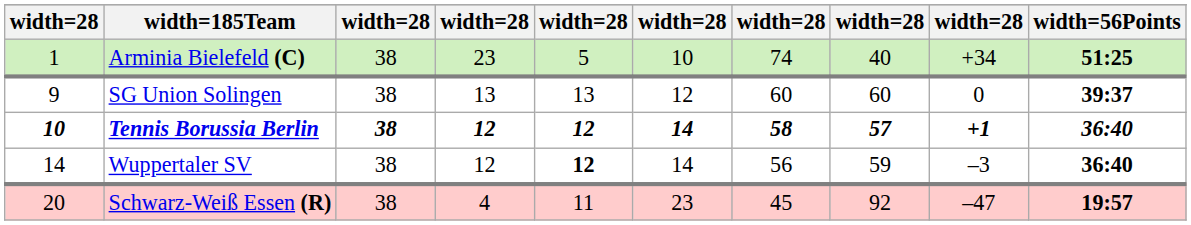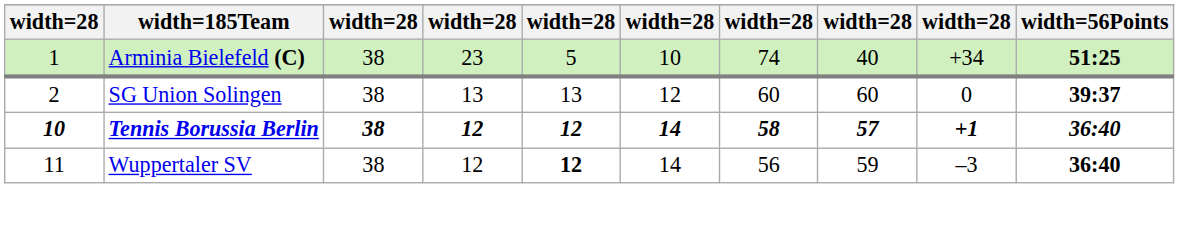 <table class="wikitable">
 <tr align="center" bgcolor="dfdfdf">
 </tr>
 <tr>
 <th>width=28<br></th>
 <th>width=185Team<br></th>
 <th>width=28<br></th>
 <th>width=28<br></th>
 <th>width=28<br></th>
 <th>width=28<br></th>
 <th>width=28<br></th>
 <th>width=28<br></th>
 <th>width=28<br></th>
 <th>width=56Points<br></th>
 </tr>
 <tr align="center" valign="top" bgcolor="D0F0C0">
 <td>1</td>
 <td align="left"><a href='#'>Arminia Bielefeld</a> <strong>(C)</strong></td>
 <td>38</td>
 <td>23</td>
 <td>5</td>
 <td>10</td>
 <td>74</td>
 <td>40</td>
 <td>+34</td>
 <td><strong>51:25</strong></td>
 </tr>
 <tr align="center" valign="top" bgcolor="#ffffff" style="border-top:3px solid grey;">
-<td>9</td>
+<td>2</td>
 <td align="left"><a href='#'>SG Union Solingen</a></td>
 <td>38</td>
 <td>13</td>
 <td>13</td>
 <td>12</td>
 <td>60</td>
 <td>60</td>
 <td>0</td>
 <td><strong>39:37</strong></td>
 </tr>
 <tr align="center" valign="top" bgcolor="#ffffff">
 <td><strong><em>10</em></strong></td>
 <td align="left"><strong><em><a href='#'>Tennis Borussia Berlin</a></em></strong></td>
 <td><strong><em>38</em></strong></td>
 <td><strong><em>12</em></strong></td>
 <td><strong><em>12</em></strong></td>
 <td><strong><em>14</em></strong></td>
 <td><strong><em>58</em></strong></td>
 <td><strong><em>57</em></strong></td>
 <td><strong><em>+1</em></strong></td>
 <td><strong><em>36:40</em></strong></td>
 </tr>
 <tr align="center" valign="top" bgcolor="#ffffff">
-<td>14</td>
+<td>11</td>
 <td align="left"><a href='#'>Wuppertaler SV</a></td>
 <td>38</td>
 <td>12</td>
 <td><strong>12</strong></td>
 <td>14</td>
 <td>56</td>
 <td>59</td>
 <td>–3</td>
 <td><strong>36:40</strong></td>
 </tr>
-<tr align="center" valign="top" bgcolor="#FFCCCC" style="border-top:3px solid grey;">
-<td>20</td>
-<td align="left"><a href='#'>Schwarz-Weiß Essen</a> <strong>(R)</strong></td>
-<td>38</td>
-<td>4</td>
-<td>11</td>
-<td>23</td>
-<td>45</td>
-<td>92</td>
-<td>–47</td>
-<td><strong>19:57</strong></td>
-</tr>
 </table>
